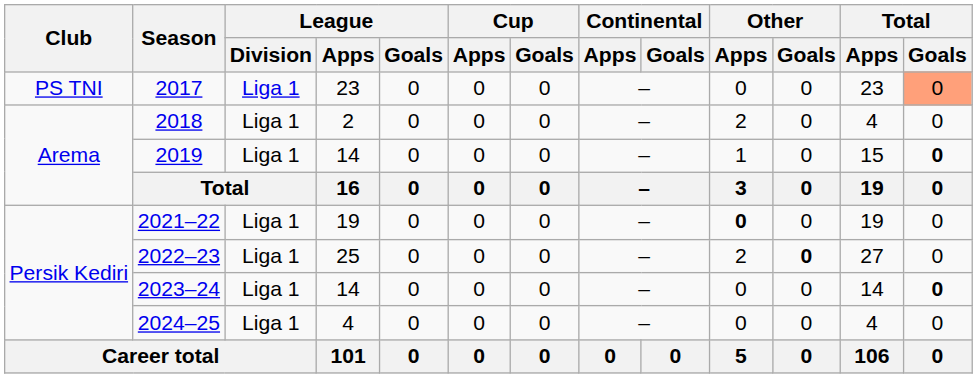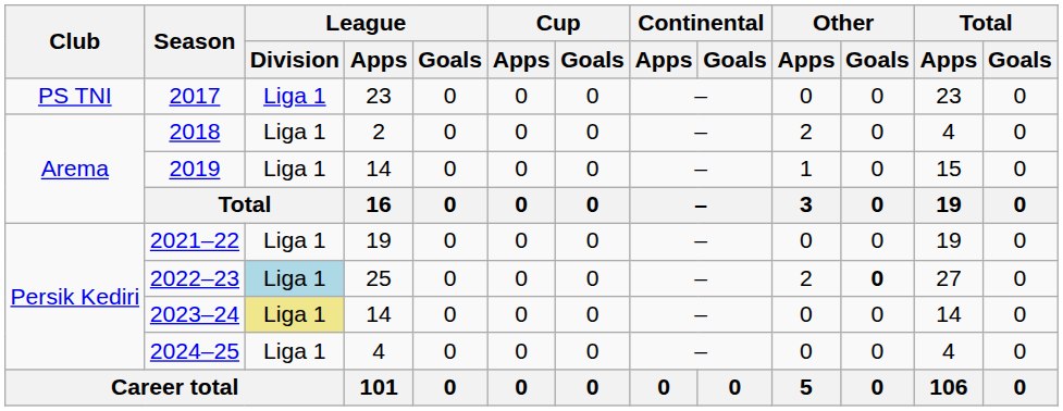 <table class="wikitable" style="text-align:center">
 <tr>
 <th rowspan="2">Club</th>
 <th rowspan="2">Season</th>
 <th colspan="3">League</th>
 <th colspan="2">Cup</th>
 <th colspan="2">Continental</th>
 <th colspan="2">Other</th>
 <th colspan="2">Total</th>
 </tr>
 <tr>
 <th>Division</th>
 <th>Apps</th>
 <th>Goals</th>
 <th>Apps</th>
 <th>Goals</th>
 <th>Apps</th>
 <th>Goals</th>
 <th>Apps</th>
 <th>Goals</th>
 <th>Apps</th>
 <th>Goals</th>
 </tr>
 <tr>
 <td rowspan="1" valign="center"><a href='#'>PS TNI</a></td>
 <td><a href='#'>2017</a></td>
 <td rowspan="1" valign="center"><a href='#'>Liga 1</a></td>
 <td>23</td>
 <td>0</td>
 <td>0</td>
 <td>0</td>
 <td colspan="2">–</td>
 <td>0</td>
 <td>0</td>
 <td>23</td>
-<td style="background: lightsalmon;">0</td>
+<td>0</td>
 </tr>
 <tr>
 <td rowspan="3" valign="center"><a href='#'>Arema</a></td>
 <td><a href='#'>2018</a></td>
 <td rowspan="1" valign="center">Liga 1</td>
 <td>2</td>
 <td>0</td>
 <td>0</td>
 <td>0</td>
 <td colspan="2">–</td>
 <td>2</td>
 <td>0</td>
 <td>4</td>
 <td>0</td>
 </tr>
 <tr>
 <td><a href='#'>2019</a></td>
 <td rowspan="1" valign="center">Liga 1</td>
 <td>14</td>
 <td>0</td>
 <td>0</td>
 <td>0</td>
 <td colspan="2">–</td>
 <td>1</td>
 <td>0</td>
 <td>15</td>
-<td><strong>0</strong></td>
+<td>0</td>
 </tr>
 <tr>
 <th colspan="2">Total</th>
 <th>16</th>
 <th>0</th>
 <th>0</th>
 <th>0</th>
 <th colspan="2">–</th>
 <th>3</th>
 <th>0</th>
 <th>19</th>
 <th>0</th>
 </tr>
 <tr>
 <td rowspan="4" valign="center"><a href='#'>Persik Kediri</a></td>
 <td><a href='#'>2021–22</a></td>
 <td rowspan="1" valign="center">Liga 1</td>
 <td>19</td>
 <td>0</td>
 <td>0</td>
 <td>0</td>
 <td colspan="2">–</td>
-<td><strong>0</strong></td>
+<td>0</td>
 <td>0</td>
 <td>19</td>
 <td>0</td>
 </tr>
 <tr>
 <td><a href='#'>2022–23</a></td>
-<td>Liga 1</td>
+<td style="background: lightblue;">Liga 1</td>
 <td>25</td>
 <td>0</td>
 <td>0</td>
 <td>0</td>
 <td colspan="2">–</td>
 <td>2</td>
 <td><strong>0</strong></td>
 <td>27</td>
 <td>0</td>
 </tr>
 <tr>
 <td><a href='#'>2023–24</a></td>
-<td rowspan="1">Liga 1</td>
+<td rowspan="1" style="background: khaki;">Liga 1</td>
 <td>14</td>
 <td>0</td>
 <td>0</td>
 <td>0</td>
 <td colspan="2">–</td>
 <td>0</td>
 <td>0</td>
 <td>14</td>
-<td><strong>0</strong></td>
+<td>0</td>
 </tr>
 <tr>
 <td><a href='#'>2024–25</a></td>
 <td>Liga 1</td>
 <td>4</td>
 <td>0</td>
 <td>0</td>
 <td>0</td>
 <td colspan="2">–</td>
 <td>0</td>
 <td>0</td>
 <td>4</td>
 <td>0</td>
 </tr>
 <tr>
 <th colspan="3">Career total</th>
 <th>101</th>
 <th>0</th>
 <th>0</th>
 <th>0</th>
 <th>0</th>
 <th>0</th>
 <th>5</th>
 <th>0</th>
 <th>106</th>
 <th>0</th>
 </tr>
 </table>
